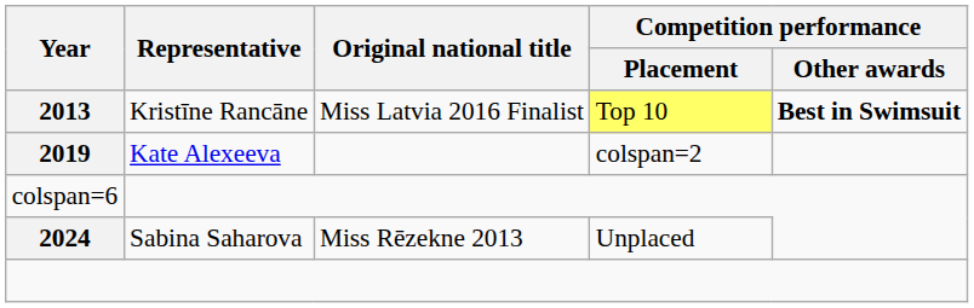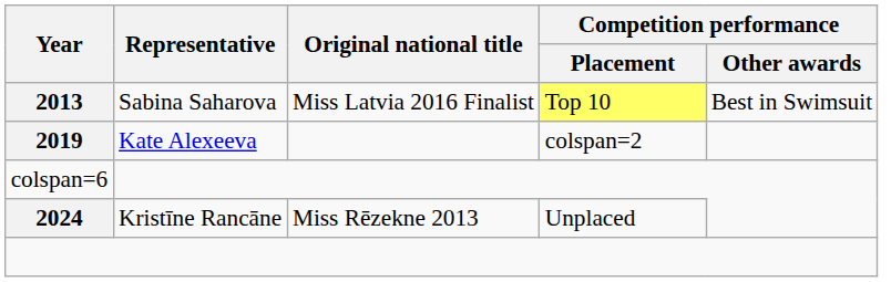 <table class="wikitable defaultcenter col2left" style="font-size:95%;">
 <tr>
 <th rowspan=2>Year</th>
 <th rowspan=2>Representative</th>
 <th rowspan=2>Original national title</th>
 <th colspan=2>Competition performance</th>
 </tr>
 <tr>
 <th width=100px>Placement</th>
 <th>Other awards</th>
 </tr>
 <tr>
 <th>2013</th>
-<td>Kristīne Rancāne</td>
+<td>Sabina Saharova</td>
 <td>Miss Latvia 2016 Finalist</td>
 <td bgcolor=#FFFF66>Top 10</td>
-<td><strong>Best in Swimsuit</strong></td>
+<td>Best in Swimsuit</td>
 </tr>
 <tr>
 <th>2019</th>
 <td><a href='#'>Kate Alexeeva</a></td>
 <td></td>
 <td>colspan=2 </td>
 <td></td>
 </tr>
 <tr>
 <td>colspan=6 </td>
 </tr>
 <tr>
 <th>2024</th>
-<td>Sabina Saharova</td>
+<td>Kristīne Rancāne</td>
 <td>Miss Rēzekne 2013</td>
 <td>Unplaced</td>
 </tr>
 <tr>
 <td colspan="6"><br></td>
 </tr>
 </table>
